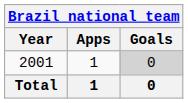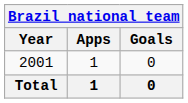 <table class="wikitable" style="text-align:center">
 <tr>
 <th colspan=3><a href='#'>Brazil national team</a></th>
 </tr>
 <tr>
 <th>Year</th>
 <th>Apps</th>
 <th>Goals</th>
 </tr>
 <tr>
 <td>2001</td>
 <td>1</td>
-<td style="background: lightgrey;">0</td>
+<td>0</td>
 </tr>
 <tr>
 <th>Total</th>
 <th>1</th>
 <th>0</th>
 </tr>
 </table>
